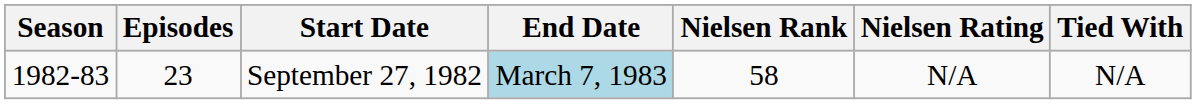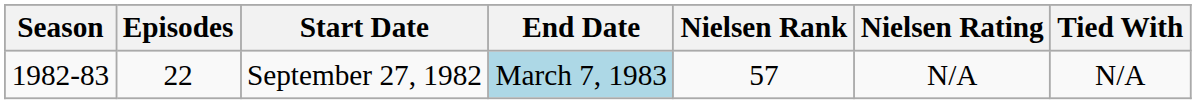 <table class="wikitable" style="text-align: center">
 <tr>
 <th>Season</th>
 <th>Episodes</th>
 <th>Start Date</th>
 <th>End Date</th>
 <th>Nielsen Rank</th>
 <th>Nielsen Rating</th>
 <th>Tied With</th>
 </tr>
 <tr>
 <td style="text-align:center">1982-83</td>
-<td style="text-align:center">23</td>
+<td style="text-align:center">22</td>
 <td style="text-align:center">September 27, 1982</td>
 <td style="background: lightblue; text-align:center">March 7, 1983</td>
-<td style="text-align:center:">58</td>
+<td style="text-align:center:">57</td>
 <td style="text-align:center">N/A</td>
 <td style="text-align:center">N/A</td>
 </tr>
 </table>
